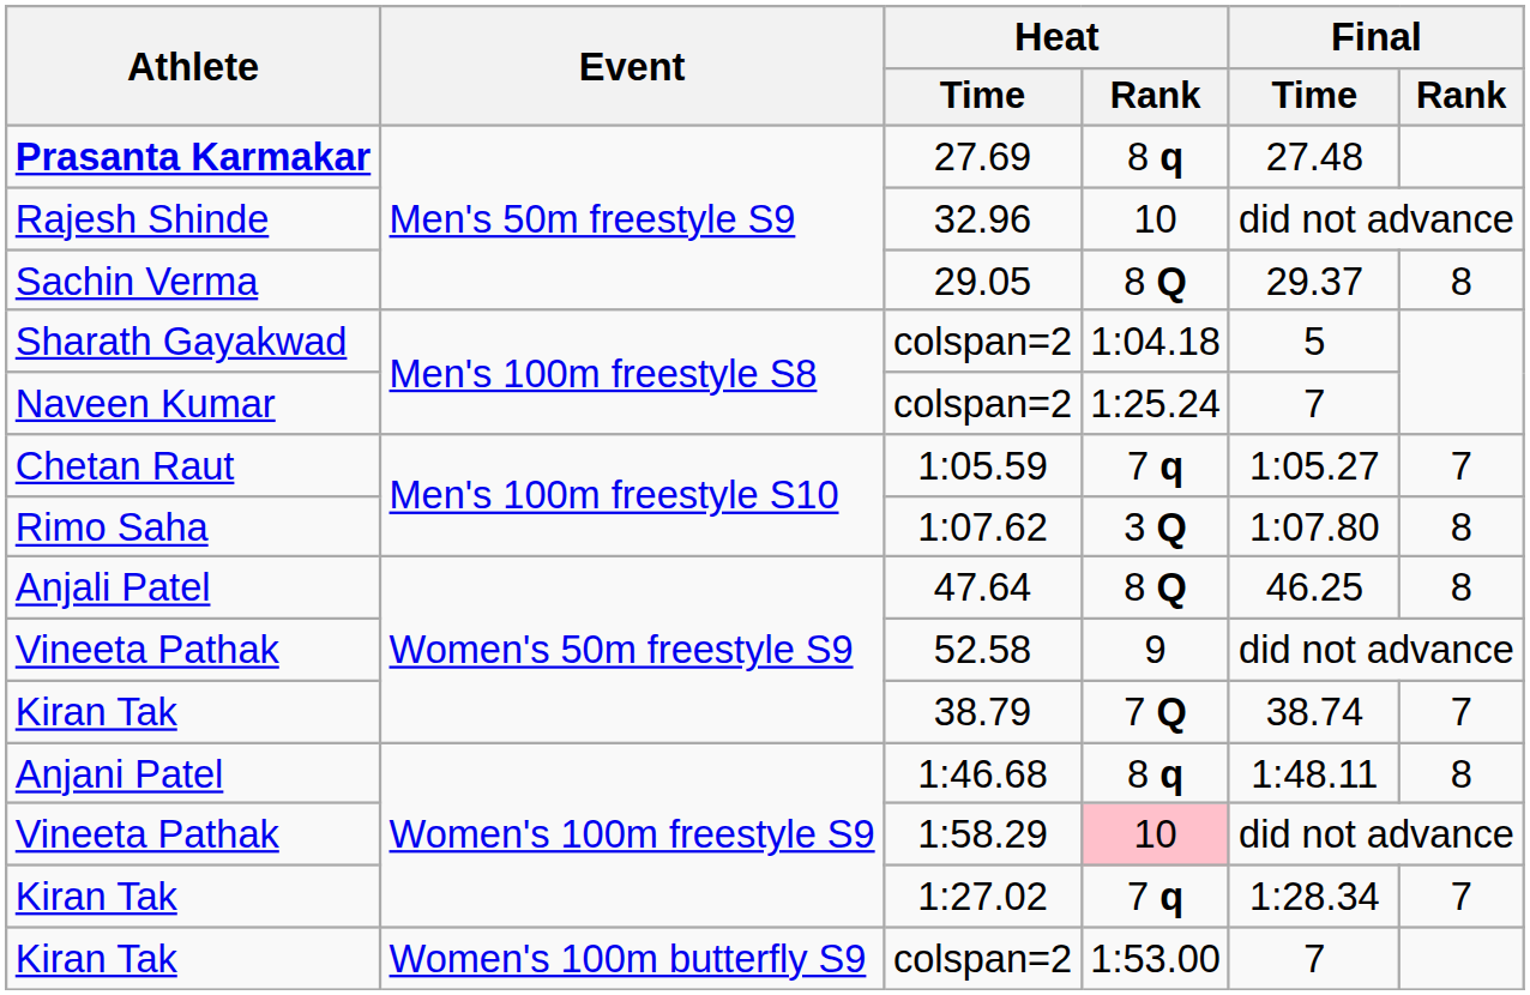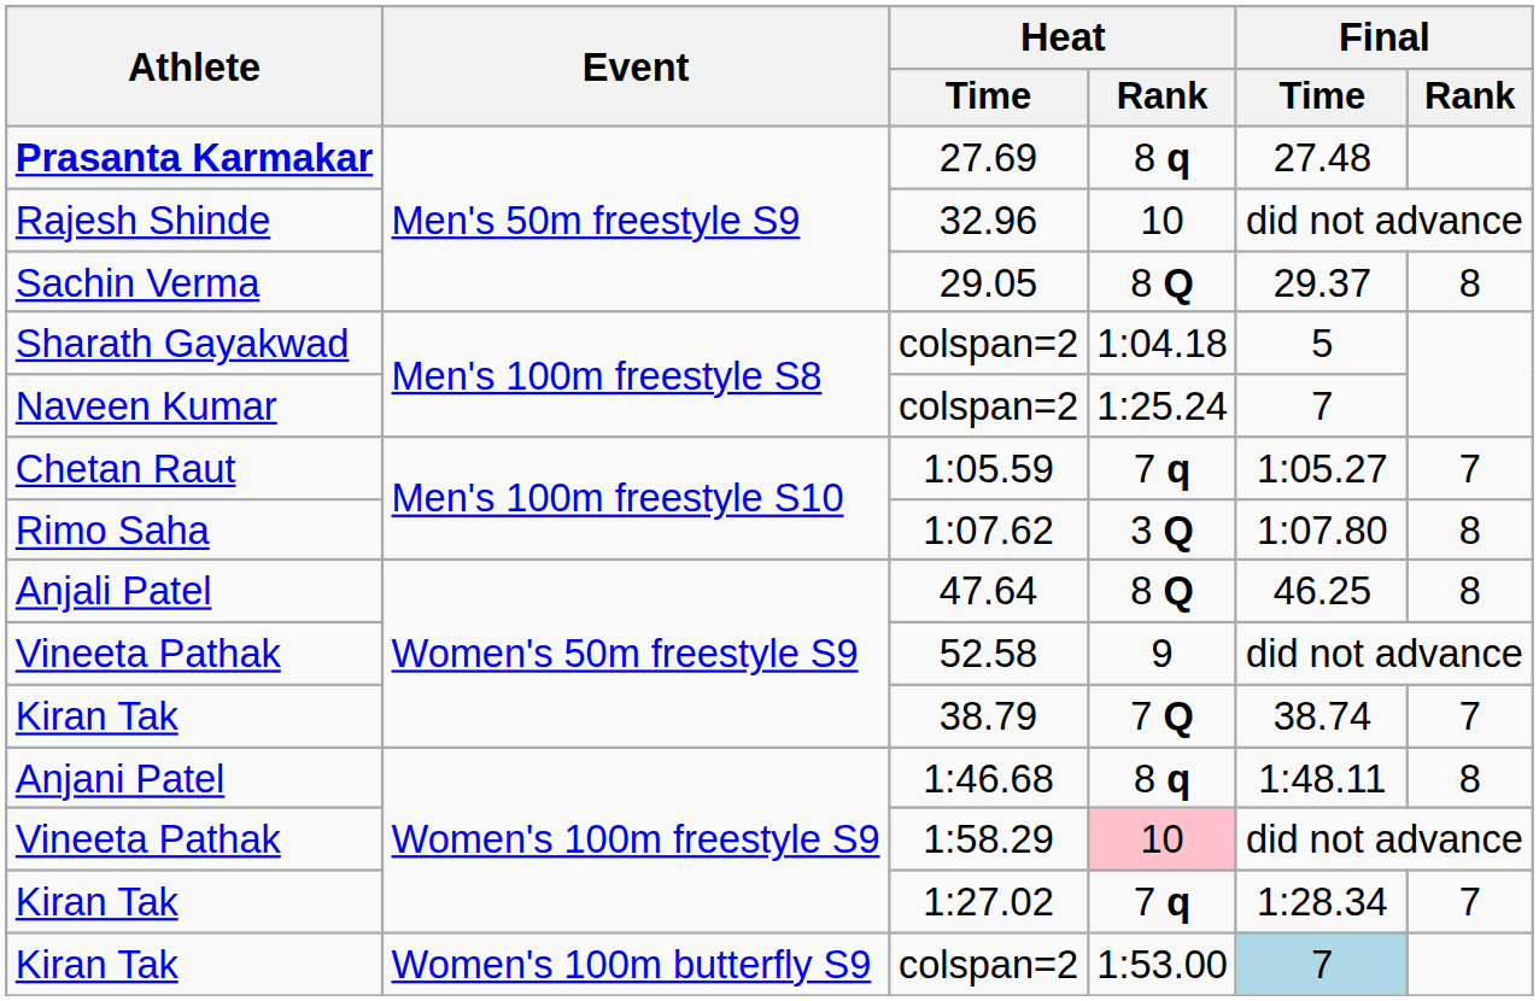 <table class=wikitable style="font-size:90%">
 <tr>
 <th rowspan="2">Athlete</th>
 <th rowspan="2">Event</th>
 <th colspan="2">Heat</th>
 <th colspan="2">Final</th>
 </tr>
 <tr style="font-size:95%">
 <th>Time</th>
 <th>Rank</th>
 <th>Time</th>
 <th>Rank</th>
 </tr>
 <tr align=center>
 <td align=left><strong><a href='#'>Prasanta Karmakar</a></strong></td>
 <td align=left rowspan=3><a href='#'>Men's 50m freestyle S9</a></td>
 <td>27.69</td>
 <td>8 <strong>q</strong></td>
 <td>27.48</td>
 <td></td>
 </tr>
 <tr align=center>
 <td align=left><a href='#'>Rajesh Shinde</a></td>
 <td>32.96</td>
 <td>10</td>
 <td colspan=4>did not advance</td>
 </tr>
 <tr align=center>
 <td align=left><a href='#'>Sachin Verma</a></td>
 <td>29.05</td>
 <td>8 <strong>Q</strong></td>
 <td>29.37</td>
 <td>8</td>
 </tr>
 <tr align=center>
 <td align=left><a href='#'>Sharath Gayakwad</a></td>
 <td align=left rowspan=2><a href='#'>Men's 100m freestyle S8</a></td>
 <td>colspan=2 </td>
 <td>1:04.18</td>
 <td>5</td>
 </tr>
 <tr align=center>
 <td align=left><a href='#'>Naveen Kumar</a></td>
 <td>colspan=2 </td>
 <td>1:25.24</td>
 <td>7</td>
 </tr>
 <tr align=center>
 <td align=left><a href='#'>Chetan Raut</a></td>
 <td align=left rowspan=2><a href='#'>Men's 100m freestyle S10</a></td>
 <td>1:05.59</td>
 <td>7 <strong>q</strong></td>
 <td>1:05.27</td>
 <td>7</td>
 </tr>
 <tr align=center>
 <td align=left><a href='#'>Rimo Saha</a></td>
 <td>1:07.62</td>
 <td>3 <strong>Q</strong></td>
 <td>1:07.80</td>
 <td>8</td>
 </tr>
 <tr align=center>
 <td align=left><a href='#'>Anjali Patel</a></td>
 <td align=left rowspan=3><a href='#'>Women's 50m freestyle S9</a></td>
 <td>47.64</td>
 <td>8 <strong>Q</strong></td>
 <td>46.25</td>
 <td>8</td>
 </tr>
 <tr align=center>
 <td align=left><a href='#'>Vineeta Pathak</a></td>
 <td>52.58</td>
 <td>9</td>
 <td colspan=2>did not advance</td>
 </tr>
 <tr align=center>
 <td align=left><a href='#'>Kiran Tak</a></td>
 <td>38.79</td>
 <td>7 <strong>Q</strong></td>
 <td>38.74</td>
 <td>7</td>
 </tr>
 <tr align=center>
 <td align=left><a href='#'>Anjani Patel</a></td>
 <td align=left rowspan=3><a href='#'>Women's 100m freestyle S9</a></td>
 <td>1:46.68</td>
 <td>8 <strong>q</strong></td>
 <td>1:48.11</td>
 <td>8</td>
 </tr>
 <tr align=center>
 <td align=left><a href='#'>Vineeta Pathak</a></td>
 <td>1:58.29</td>
 <td style="background: pink;">10</td>
 <td colspan=2>did not advance</td>
 </tr>
 <tr align=center>
 <td align=left><a href='#'>Kiran Tak</a></td>
 <td>1:27.02</td>
 <td>7 <strong>q</strong></td>
 <td>1:28.34</td>
 <td>7</td>
 </tr>
 <tr align=center>
 <td align=left><a href='#'>Kiran Tak</a></td>
 <td align=left><a href='#'>Women's 100m butterfly S9</a></td>
 <td>colspan=2 </td>
 <td>1:53.00</td>
-<td>7</td>
+<td style="background: lightblue;">7</td>
 </tr>
 </table>
